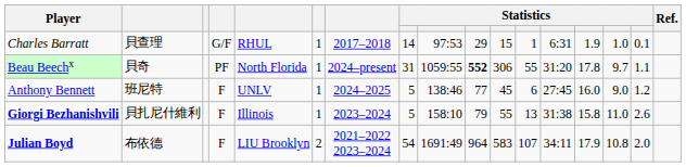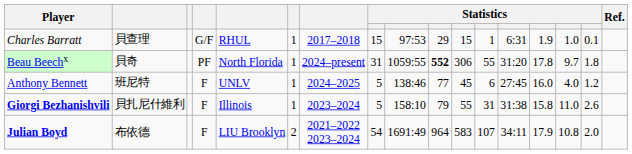 <table class="wikitable sortable" style="font-size:95%; text-align:right;">
 <tr>
 <th rowspan="2">Player</th>
 <th rowspan="2"></th>
 <th rowspan="2"></th>
 <th rowspan="2"></th>
 <th rowspan="2"></th>
 <th rowspan="2"></th>
 <th rowspan="2"></th>
 <th colspan="9">Statistics</th>
 <th rowspan="2">Ref.</th>
 </tr>
 <tr>
 <th></th>
 <th></th>
 <th></th>
 <th></th>
 <th></th>
 <th></th>
 <th></th>
 <th></th>
 <th></th>
 </tr>
 <tr>
 <td align="left"><em>Charles Barratt</em></td>
 <td align="left">貝查理</td>
 <td align="center"></td>
 <td align="center">G/F</td>
 <td align="left"><a href='#'>RHUL</a></td>
 <td align="center">1</td>
 <td align="center"><a href='#'>2017–2018</a></td>
-<td>14</td>
+<td>15</td>
 <td>97:53</td>
 <td>29</td>
 <td>15</td>
 <td>1</td>
 <td>6:31</td>
 <td>1.9</td>
 <td>1.0</td>
 <td>0.1</td>
 <td align="center"></td>
 </tr>
 <tr>
 <td align="left" bgcolor="#CCFFCC"><a href='#'>Beau Beech</a><sup>x</sup></td>
 <td align="left">貝奇</td>
 <td align="center"></td>
 <td align="center">PF</td>
 <td align="left"><a href='#'>North Florida</a></td>
 <td align="center">1</td>
 <td align="center"><a href='#'>2024–present</a></td>
 <td>31</td>
 <td>1059:55</td>
 <td><strong>552</strong></td>
 <td>306</td>
 <td>55</td>
 <td>31:20</td>
 <td>17.8</td>
 <td>9.7</td>
-<td>1.1</td>
+<td>1.8</td>
 <td align="center"></td>
 </tr>
 <tr>
 <td align="left"><a href='#'>Anthony Bennett</a></td>
 <td align="left">班尼特</td>
 <td align="center"></td>
 <td align="center">F</td>
 <td align="left"><a href='#'>UNLV</a></td>
 <td align="center">1</td>
 <td align="center"><a href='#'>2024–2025</a></td>
 <td>5</td>
 <td>138:46</td>
 <td>77</td>
 <td>45</td>
 <td>6</td>
 <td>27:45</td>
 <td>16.0</td>
-<td>9.0</td>
+<td>4.0</td>
 <td>1.2</td>
 <td align="center"></td>
 </tr>
 <tr>
 <td align="left"><strong><a href='#'>Giorgi Bezhanishvili</a></strong></td>
 <td align="left">貝扎尼什維利</td>
 <td align="center"></td>
 <td align="center">F</td>
 <td align="left"><a href='#'>Illinois</a></td>
 <td align="center">1</td>
 <td align="center"><a href='#'>2023–2024</a></td>
 <td>5</td>
 <td>158:10</td>
 <td>79</td>
 <td>55</td>
-<td>13</td>
+<td>31</td>
 <td>31:38</td>
 <td>15.8</td>
 <td>11.0</td>
 <td>2.6</td>
 <td align="center"></td>
 </tr>
 <tr>
 <td align="left"><strong><a href='#'>Julian Boyd</a></strong></td>
 <td align="left">布依德</td>
 <td align="center"></td>
 <td align="center">F</td>
 <td align="left"><a href='#'>LIU Brooklyn</a></td>
 <td align="center">2</td>
 <td align="center"><a href='#'>2021–2022</a><br><a href='#'>2023–2024</a></td>
 <td>54</td>
 <td>1691:49</td>
 <td>964</td>
 <td>583</td>
 <td>107</td>
 <td>34:11</td>
 <td>17.9</td>
 <td>10.8</td>
 <td>2.0</td>
 <td align="center"></td>
 </tr>
 </table>
